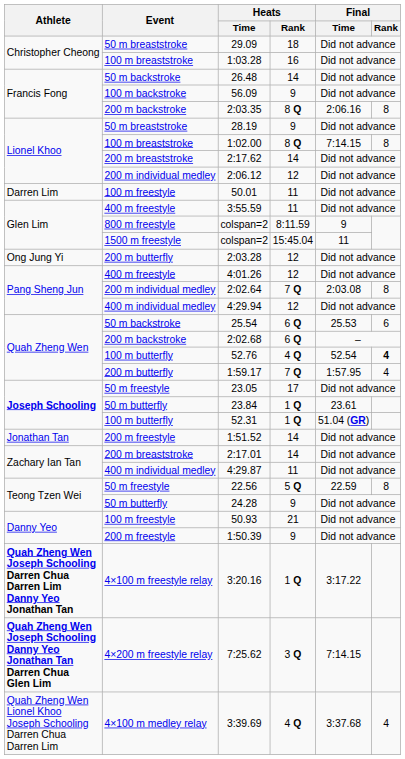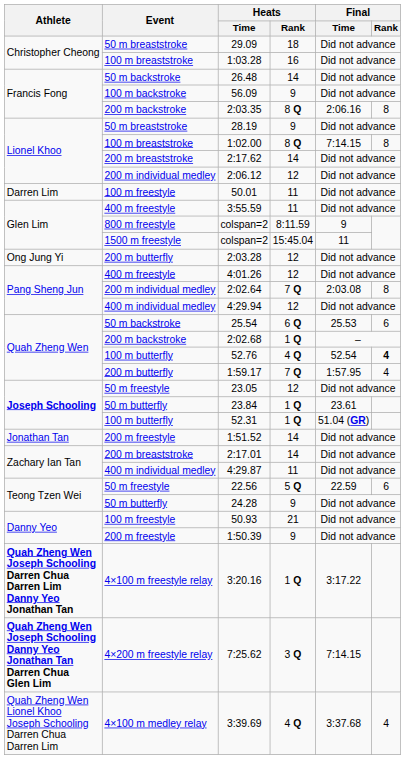 <table class=wikitable style=font-size:90%;text-align:center>
 <tr>
 <th rowspan="2">Athlete</th>
 <th rowspan="2">Event</th>
 <th colspan="2">Heats</th>
 <th colspan="2">Final</th>
 </tr>
 <tr style="font-size:95%">
 <th>Time</th>
 <th>Rank</th>
 <th>Time</th>
 <th>Rank</th>
 </tr>
 <tr>
 <td align=left rowspan=2>Christopher Cheong</td>
 <td align=left><a href='#'>50 m breaststroke</a></td>
 <td>29.09</td>
 <td>18</td>
 <td colspan=2>Did not advance</td>
 </tr>
 <tr>
 <td align=left><a href='#'>100 m breaststroke</a></td>
 <td>1:03.28</td>
 <td>16</td>
 <td colspan=2>Did not advance</td>
 </tr>
 <tr>
 <td align=left rowspan=3>Francis Fong</td>
 <td align=left><a href='#'>50 m backstroke</a></td>
 <td>26.48</td>
 <td>14</td>
 <td colspan=2>Did not advance</td>
 </tr>
 <tr>
 <td align=left><a href='#'>100 m backstroke</a></td>
 <td>56.09</td>
 <td>9</td>
 <td colspan=2>Did not advance</td>
 </tr>
 <tr>
 <td align=left><a href='#'>200 m backstroke</a></td>
 <td>2:03.35</td>
 <td>8 <strong>Q</strong></td>
 <td>2:06.16</td>
 <td>8</td>
 </tr>
 <tr>
 <td align=left rowspan=4><a href='#'>Lionel Khoo</a></td>
 <td align=left><a href='#'>50 m breaststroke</a></td>
 <td>28.19</td>
 <td>9</td>
 <td colspan=2>Did not advance</td>
 </tr>
 <tr>
 <td align=left><a href='#'>100 m breaststroke</a></td>
 <td>1:02.00</td>
 <td>8 <strong>Q</strong></td>
 <td>7:14.15</td>
 <td>8</td>
 </tr>
 <tr>
 <td align=left><a href='#'>200 m breaststroke</a></td>
 <td>2:17.62</td>
 <td>14</td>
 <td colspan=2>Did not advance</td>
 </tr>
 <tr>
 <td align=left><a href='#'>200 m individual medley</a></td>
 <td>2:06.12</td>
 <td>12</td>
 <td colspan=2>Did not advance</td>
 </tr>
 <tr>
 <td align=left>Darren Lim</td>
 <td align=left><a href='#'>100 m freestyle</a></td>
 <td>50.01</td>
 <td>11</td>
 <td colspan=2>Did not advance</td>
 </tr>
 <tr>
 <td align=left rowspan=3>Glen Lim</td>
 <td align=left><a href='#'>400 m freestyle</a></td>
 <td>3:55.59</td>
 <td>11</td>
 <td colspan=2>Did not advance</td>
 </tr>
 <tr>
 <td align=left><a href='#'>800 m freestyle</a></td>
 <td>colspan=2 </td>
 <td>8:11.59</td>
 <td>9</td>
 </tr>
 <tr>
 <td align=left><a href='#'>1500 m freestyle</a></td>
 <td>colspan=2 </td>
 <td>15:45.04</td>
 <td>11</td>
 </tr>
 <tr>
 <td align=left>Ong Jung Yi</td>
 <td align=left><a href='#'>200 m butterfly</a></td>
 <td>2:03.28</td>
 <td>12</td>
 <td colspan=2>Did not advance</td>
 </tr>
 <tr>
 <td align=left rowspan=3><a href='#'>Pang Sheng Jun</a></td>
 <td align=left><a href='#'>400 m freestyle</a></td>
 <td>4:01.26</td>
 <td>12</td>
 <td colspan=2>Did not advance</td>
 </tr>
 <tr>
 <td align=left><a href='#'>200 m individual medley</a></td>
 <td>2:02.64</td>
 <td>7 <strong>Q</strong></td>
 <td>2:03.08</td>
 <td>8</td>
 </tr>
 <tr>
 <td align=left><a href='#'>400 m individual medley</a></td>
 <td>4:29.94</td>
 <td>12</td>
 <td colspan=2>Did not advance</td>
 </tr>
 <tr>
 <td align=left rowspan=4><a href='#'>Quah Zheng Wen</a></td>
 <td align=left><a href='#'>50 m backstroke</a></td>
 <td>25.54</td>
 <td>6 <strong>Q</strong></td>
 <td>25.53</td>
 <td>6</td>
 </tr>
 <tr>
 <td align=left><a href='#'>200 m backstroke</a></td>
 <td>2:02.68</td>
-<td>6 <strong>Q</strong></td>
+<td>1 <strong>Q</strong></td>
 <td colspan=2>–</td>
 </tr>
 <tr>
 <td align=left><a href='#'>100 m butterfly</a></td>
 <td>52.76</td>
 <td>4 <strong>Q</strong></td>
 <td>52.54</td>
 <td><strong>4</strong></td>
 </tr>
 <tr>
 <td align=left><a href='#'>200 m butterfly</a></td>
 <td>1:59.17</td>
 <td>7 <strong>Q</strong></td>
 <td>1:57.95</td>
 <td>4</td>
 </tr>
 <tr>
 <td align=left rowspan=3><strong><a href='#'>Joseph Schooling</a></strong></td>
 <td align=left><a href='#'>50 m freestyle</a></td>
 <td>23.05</td>
-<td>17</td>
+<td>12</td>
 <td colspan=2>Did not advance</td>
 </tr>
 <tr>
 <td align=left><a href='#'>50 m butterfly</a></td>
 <td>23.84</td>
 <td>1 <strong>Q</strong></td>
 <td>23.61</td>
 <td></td>
 </tr>
 <tr>
 <td align=left><a href='#'>100 m butterfly</a></td>
 <td>52.31</td>
 <td>1 <strong>Q</strong></td>
 <td>51.04 (<strong><a href='#'>GR</a></strong>)</td>
 <td></td>
 </tr>
 <tr>
 <td align=left><a href='#'>Jonathan Tan</a></td>
 <td align=left><a href='#'>200 m freestyle</a></td>
 <td>1:51.52</td>
 <td>14</td>
 <td colspan=2>Did not advance</td>
 </tr>
 <tr>
 <td align=left rowspan=2>Zachary Ian Tan</td>
 <td align=left><a href='#'>200 m breaststroke</a></td>
 <td>2:17.01</td>
 <td>14</td>
 <td colspan=2>Did not advance</td>
 </tr>
 <tr>
 <td align=left><a href='#'>400 m individual medley</a></td>
 <td>4:29.87</td>
 <td>11</td>
 <td colspan=2>Did not advance</td>
 </tr>
 <tr>
 <td align=left rowspan=2>Teong Tzen Wei</td>
 <td align=left><a href='#'>50 m freestyle</a></td>
 <td>22.56</td>
 <td>5 <strong>Q</strong></td>
 <td>22.59</td>
-<td>8</td>
+<td>6</td>
 </tr>
 <tr>
 <td align=left><a href='#'>50 m butterfly</a></td>
 <td>24.28</td>
 <td>9</td>
 <td colspan=2>Did not advance</td>
 </tr>
 <tr>
 <td align=left rowspan=2><a href='#'>Danny Yeo</a></td>
 <td align=left><a href='#'>100 m freestyle</a></td>
 <td>50.93</td>
 <td>21</td>
 <td colspan=2>Did not advance</td>
 </tr>
 <tr>
 <td align=left><a href='#'>200 m freestyle</a></td>
 <td>1:50.39</td>
 <td>9</td>
 <td colspan=2>Did not advance</td>
 </tr>
 <tr>
 <td align=left><strong><a href='#'>Quah Zheng Wen</a><br><a href='#'>Joseph Schooling</a><br>Darren Chua<br>Darren Lim<br><a href='#'>Danny Yeo</a><br>Jonathan Tan</strong></td>
 <td align=left><a href='#'>4×100 m freestyle relay</a></td>
 <td>3:20.16</td>
 <td>1 <strong>Q</strong></td>
 <td>3:17.22</td>
 <td></td>
 </tr>
 <tr>
 <td align=left><strong><a href='#'>Quah Zheng Wen</a><br><a href='#'>Joseph Schooling</a><br><a href='#'>Danny Yeo</a><br><a href='#'>Jonathan Tan</a><br>Darren Chua<br>Glen Lim</strong></td>
 <td align=left><a href='#'>4×200 m freestyle relay</a></td>
 <td>7:25.62</td>
 <td>3 <strong>Q</strong></td>
 <td>7:14.15</td>
 <td></td>
 </tr>
 <tr>
 <td align=left><a href='#'>Quah Zheng Wen</a><br><a href='#'>Lionel Khoo</a><br><a href='#'>Joseph Schooling</a><br>Darren Chua<br>Darren Lim</td>
 <td align=left><a href='#'>4×100 m medley relay</a></td>
 <td>3:39.69</td>
 <td>4 <strong>Q</strong></td>
 <td>3:37.68</td>
 <td>4</td>
 </tr>
 </table>
